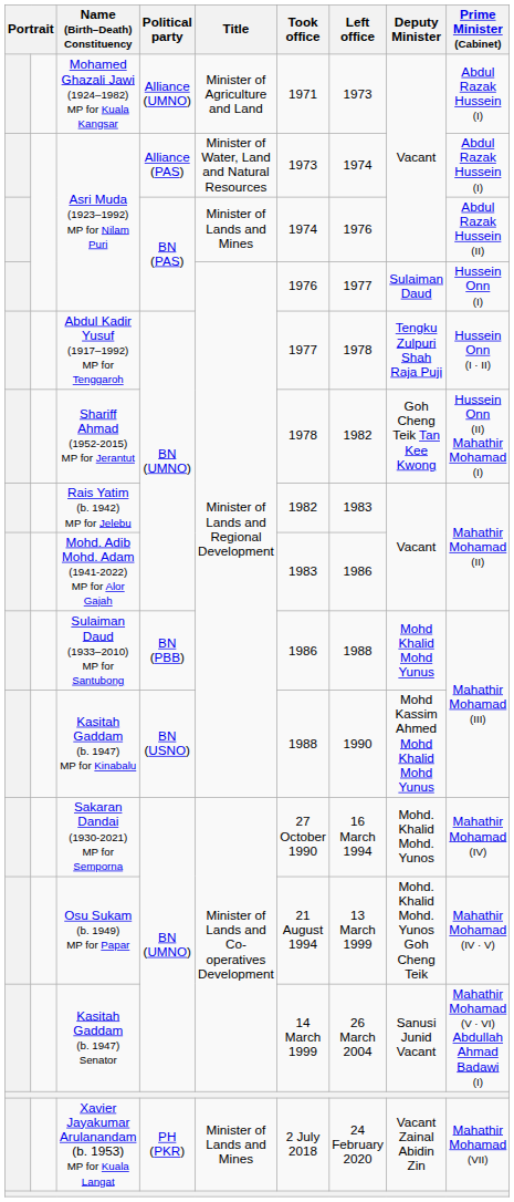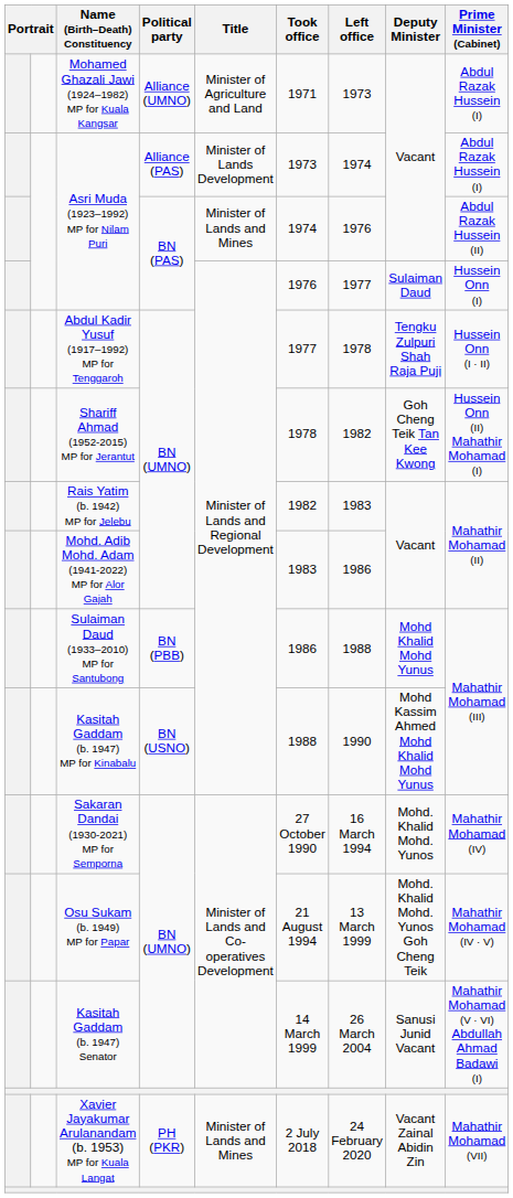 <table class="wikitable" style="text-align:center;">
 <tr>
 <th colspan=2>Portrait</th>
 <th>Name<br><small>(Birth–Death)<br>Constituency</small></th>
 <th>Political party</th>
 <th>Title</th>
 <th>Took office</th>
 <th>Left office</th>
 <th>Deputy Minister</th>
 <th><a href='#'>Prime Minister</a><br><small>(Cabinet)</small></th>
 </tr>
 <tr>
 <th style="background:"></th>
 <td></td>
 <td><a href='#'>Mohamed Ghazali Jawi</a><br><small>(1924–1982)<br>MP for <a href='#'>Kuala Kangsar</a></small></td>
 <td><a href='#'>Alliance</a> (<a href='#'>UMNO</a>)</td>
 <td>Minister of Agriculture and Land</td>
 <td>1971</td>
 <td>1973</td>
 <td rowspan="3">Vacant</td>
 <td><a href='#'>Abdul Razak Hussein</a><br><small>(I)</small></td>
 </tr>
 <tr>
 <th style="background:"></th>
 <td rowspan=3></td>
 <td rowspan=3><a href='#'>Asri Muda</a><br><small>(1923–1992)<br>MP for <a href='#'>Nilam Puri</a></small></td>
 <td><a href='#'>Alliance</a> (<a href='#'>PAS</a>)</td>
-<td>Minister of Water, Land and Natural Resources</td>
+<td>Minister of Lands Development</td>
 <td>1973</td>
 <td>1974</td>
 <td><a href='#'>Abdul Razak Hussein</a><br><small>(I)</small></td>
 </tr>
 <tr>
 <th style="background:"></th>
 <td rowspan=2><a href='#'>BN</a> (<a href='#'>PAS</a>)</td>
 <td>Minister of Lands and Mines</td>
 <td>1974</td>
 <td>1976</td>
 <td><a href='#'>Abdul Razak Hussein</a><br><small>(II)</small></td>
 </tr>
 <tr>
 <th style="background:"></th>
 <td rowspan=7>Minister of Lands and Regional Development</td>
 <td>1976</td>
 <td>1977</td>
 <td><a href='#'>Sulaiman Daud</a></td>
 <td><a href='#'>Hussein Onn</a><br><small>(I)</small></td>
 </tr>
 <tr>
 <th style="background:"></th>
 <td></td>
 <td><a href='#'>Abdul Kadir Yusuf</a><br><small>(1917–1992)<br>MP for <a href='#'>Tenggaroh</a></small></td>
 <td rowspan=4><a href='#'>BN</a> (<a href='#'>UMNO</a>)</td>
 <td>1977</td>
 <td>1978</td>
 <td><a href='#'>Tengku Zulpuri Shah Raja Puji</a></td>
 <td><a href='#'>Hussein Onn</a><br><small>(I · II)</small></td>
 </tr>
 <tr>
 <th style="background:"></th>
 <td></td>
 <td><a href='#'>Shariff Ahmad</a><br><small>(1952-2015)<br>MP for <a href='#'>Jerantut</a></small></td>
 <td>1978</td>
 <td>1982</td>
 <td>Goh Cheng Teik  <a href='#'>Tan Kee Kwong</a> </td>
 <td><a href='#'>Hussein Onn</a><br><small>(II)</small><br><a href='#'>Mahathir Mohamad</a><br><small>(I)</small></td>
 </tr>
 <tr>
 <th style="background:"></th>
 <td></td>
 <td><a href='#'>Rais Yatim</a><br><small>(b. 1942)<br>MP for <a href='#'>Jelebu</a></small></td>
 <td>1982</td>
 <td>1983</td>
 <td rowspan="2">Vacant</td>
 <td rowspan="2"><a href='#'>Mahathir Mohamad</a><br><small>(II)</small></td>
 </tr>
 <tr>
 <th style="background:"></th>
 <td></td>
 <td><a href='#'>Mohd. Adib Mohd. Adam</a><br><small>(1941-2022)<br>MP for <a href='#'>Alor Gajah</a></small></td>
 <td>1983</td>
 <td>1986</td>
 </tr>
 <tr>
 <th style="background:"></th>
 <td></td>
 <td><a href='#'>Sulaiman Daud</a><br><small>(1933–2010)<br>MP for <a href='#'>Santubong</a></small></td>
 <td><a href='#'>BN</a> (<a href='#'>PBB</a>)</td>
 <td>1986</td>
 <td>1988</td>
 <td><a href='#'>Mohd Khalid Mohd Yunus</a></td>
 <td rowspan="2"><a href='#'>Mahathir Mohamad</a><br><small>(III)</small></td>
 </tr>
 <tr>
 <th style="background:"></th>
 <td></td>
 <td><a href='#'>Kasitah Gaddam</a><br><small>(b. 1947)<br>MP for <a href='#'>Kinabalu</a></small></td>
 <td><a href='#'>BN</a> (<a href='#'>USNO</a>)</td>
 <td>1988</td>
 <td>1990</td>
 <td>Mohd Kassim Ahmed <a href='#'>Mohd Khalid Mohd Yunus</a> </td>
 </tr>
 <tr>
 <th style="background:"></th>
 <td></td>
 <td><a href='#'>Sakaran Dandai</a><br><small>(1930-2021)<br>MP for <a href='#'>Semporna</a></small></td>
 <td rowspan=3><a href='#'>BN</a> (<a href='#'>UMNO</a>)</td>
 <td rowspan=3>Minister of Lands and Co-operatives Development</td>
 <td>27 October 1990</td>
 <td>16 March 1994</td>
 <td>Mohd. Khalid Mohd. Yunos</td>
 <td><a href='#'>Mahathir Mohamad</a><br><small>(IV)</small></td>
 </tr>
 <tr>
 <th style="background:"></th>
 <td></td>
 <td><a href='#'>Osu Sukam</a><br><small>(b. 1949)<br>MP for <a href='#'>Papar</a></small></td>
 <td>21 August 1994</td>
 <td>13 March 1999</td>
 <td>Mohd. Khalid Mohd. Yunos Goh Cheng Teik </td>
 <td><a href='#'>Mahathir Mohamad</a><br><small>(IV · V)</small></td>
 </tr>
 <tr>
 <th style="background:"></th>
 <td></td>
 <td><a href='#'>Kasitah Gaddam</a><br><small>(b. 1947)<br>Senator</small></td>
 <td>14 March 1999</td>
 <td>26 March 2004</td>
 <td>Sanusi Junid  Vacant </td>
 <td><a href='#'>Mahathir Mohamad</a><br><small>(V · VI)</small><br><a href='#'>Abdullah Ahmad Badawi</a><br><small>(I)</small></td>
 </tr>
 <tr>
 <th colspan="9" bgcolor="cccccc"></th>
 </tr>
 <tr>
 <th style="background:"></th>
 <td></td>
 <td><a href='#'>Xavier Jayakumar Arulanandam</a><br>(b. 1953)<small> <br>MP for <a href='#'>Kuala Langat</a></small></td>
 <td><a href='#'>PH</a> (<a href='#'>PKR</a>)</td>
 <td>Minister of Lands and Mines</td>
 <td>2 July 2018</td>
 <td>24 February 2020</td>
 <td>Vacant Zainal Abidin Zin </td>
 <td><a href='#'>Mahathir Mohamad</a><br><small>(VII)</small></td>
 </tr>
 <tr>
 <th colspan="9" bgcolor="cccccc"></th>
 </tr>
 </table>
